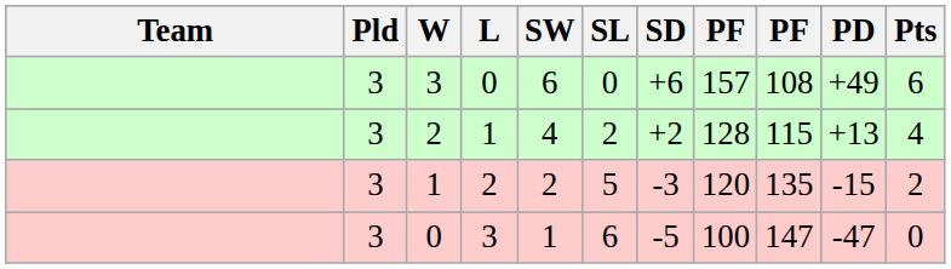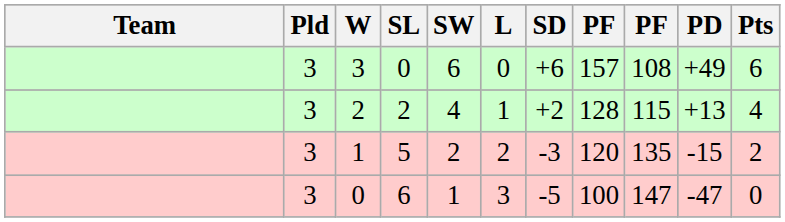 <table class=wikitable style="text-align:center">
 <tr>
 <th width=160>Team</th>
 <th width=20>Pld</th>
 <th width=20>W</th>
+<th width=20>SL</th>
+<th width=20>SW</th>
 <th width=20>L</th>
-<th width=20>SW</th>
-<th width=20>SL</th>
 <th width=20>SD</th>
 <th width=20>PF</th>
 <th width=20>PF</th>
 <th width=20>PD</th>
 <th width=20>Pts</th>
 </tr>
 <tr bgcolor="ccffcc">
 <td align=left></td>
 <td>3</td>
 <td>3</td>
 <td>0</td>
 <td>6</td>
 <td>0</td>
 <td>+6</td>
 <td>157</td>
 <td>108</td>
 <td>+49</td>
 <td>6</td>
 </tr>
 <tr bgcolor="ccffcc">
 <td align=left></td>
 <td>3</td>
 <td>2</td>
+<td>2</td>
+<td>4</td>
 <td>1</td>
-<td>4</td>
-<td>2</td>
 <td>+2</td>
 <td>128</td>
 <td>115</td>
 <td>+13</td>
 <td>4</td>
 </tr>
 <tr bgcolor="ffcccc">
 <td align=left></td>
 <td>3</td>
 <td>1</td>
+<td>5</td>
 <td>2</td>
 <td>2</td>
-<td>5</td>
 <td>-3</td>
 <td>120</td>
 <td>135</td>
 <td>-15</td>
 <td>2</td>
 </tr>
 <tr bgcolor="ffcccc">
 <td align=left></td>
 <td>3</td>
 <td>0</td>
+<td>6</td>
+<td>1</td>
 <td>3</td>
-<td>1</td>
-<td>6</td>
 <td>-5</td>
 <td>100</td>
 <td>147</td>
 <td>-47</td>
 <td>0</td>
 </tr>
 </table>
